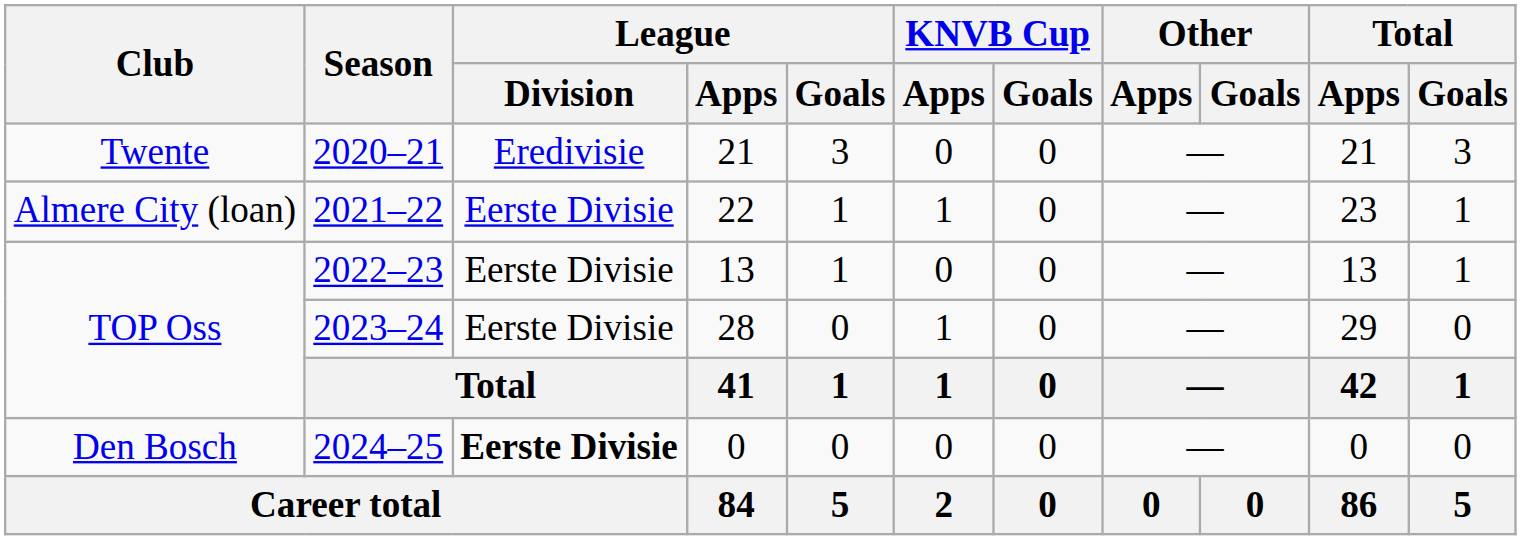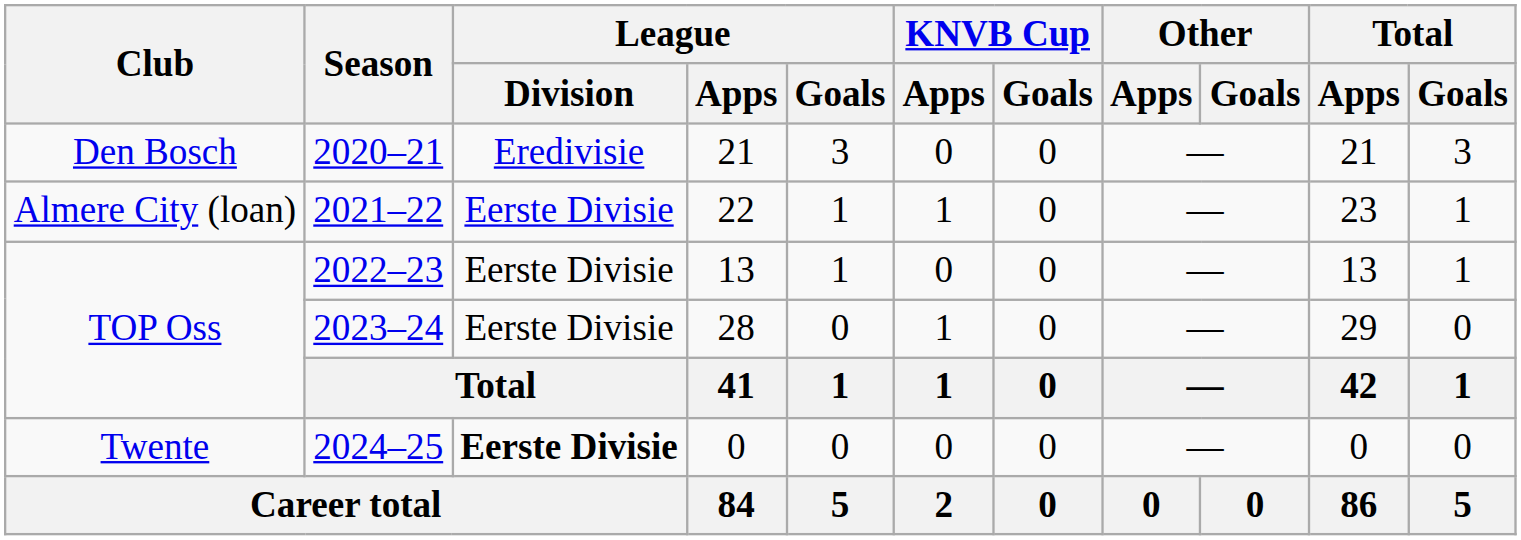 <table class="wikitable" style="text-align:center">
 <tr>
 <th rowspan="2">Club</th>
 <th rowspan="2">Season</th>
 <th colspan="3">League</th>
 <th colspan="2"><a href='#'>KNVB Cup</a></th>
 <th colspan="2">Other</th>
 <th colspan="2">Total</th>
 </tr>
 <tr>
 <th>Division</th>
 <th>Apps</th>
 <th>Goals</th>
 <th>Apps</th>
 <th>Goals</th>
 <th>Apps</th>
 <th>Goals</th>
 <th>Apps</th>
 <th>Goals</th>
 </tr>
 <tr>
-<td><a href='#'>Twente</a></td>
+<td rowspan="1"><a href='#'>Den Bosch</a></td>
 <td><a href='#'>2020–21</a></td>
 <td><a href='#'>Eredivisie</a></td>
 <td>21</td>
 <td>3</td>
 <td>0</td>
 <td>0</td>
 <td colspan="2">—</td>
 <td>21</td>
 <td>3</td>
 </tr>
 <tr>
 <td><a href='#'>Almere City</a> (loan)</td>
 <td><a href='#'>2021–22</a></td>
 <td><a href='#'>Eerste Divisie</a></td>
 <td>22</td>
 <td>1</td>
 <td>1</td>
 <td>0</td>
 <td colspan="2">—</td>
 <td>23</td>
 <td>1</td>
 </tr>
 <tr>
 <td rowspan="3"><a href='#'>TOP Oss</a></td>
 <td><a href='#'>2022–23</a></td>
 <td>Eerste Divisie</td>
 <td>13</td>
 <td>1</td>
 <td>0</td>
 <td>0</td>
 <td colspan="2">—</td>
 <td>13</td>
 <td>1</td>
 </tr>
 <tr>
 <td><a href='#'>2023–24</a></td>
 <td>Eerste Divisie</td>
 <td>28</td>
 <td>0</td>
 <td>1</td>
 <td>0</td>
 <td colspan="2">—</td>
 <td>29</td>
 <td>0</td>
 </tr>
 <tr>
 <th colspan="2">Total</th>
 <th>41</th>
 <th>1</th>
 <th>1</th>
 <th>0</th>
 <th colspan="2">—</th>
 <th>42</th>
 <th>1</th>
 </tr>
 <tr>
-<td rowspan="1"><a href='#'>Den Bosch</a></td>
+<td><a href='#'>Twente</a></td>
 <td><a href='#'>2024–25</a></td>
 <td><strong>Eerste Divisie</strong></td>
 <td>0</td>
 <td>0</td>
 <td>0</td>
 <td>0</td>
 <td colspan="2">—</td>
 <td>0</td>
 <td>0</td>
 </tr>
 <tr>
 <th colspan="3">Career total</th>
 <th>84</th>
 <th>5</th>
 <th>2</th>
 <th>0</th>
 <th>0</th>
 <th>0</th>
 <th>86</th>
 <th>5</th>
 </tr>
 </table>
